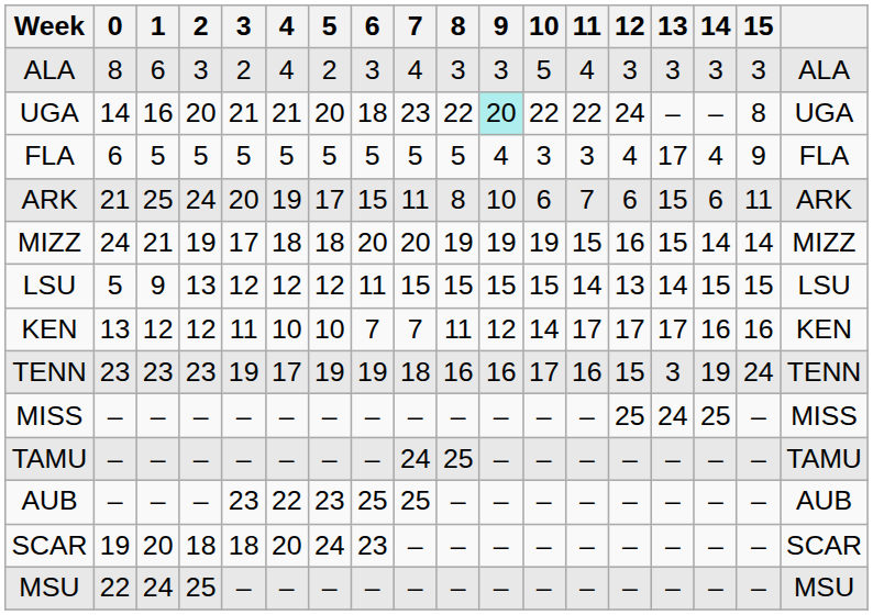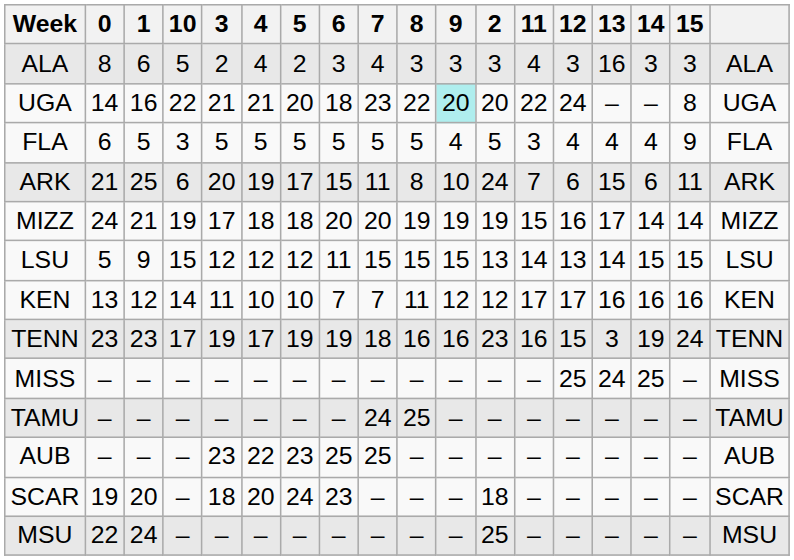 <table class="wikitable sortable" style="text-align:center">
 <tr>
 <th>Week</th>
 <th>0</th>
 <th>1</th>
-<th>2</th>
+<th>10</th>
 <th>3</th>
 <th>4</th>
 <th>5</th>
 <th>6</th>
 <th>7</th>
 <th>8</th>
 <th>9</th>
-<th>10</th>
+<th>2</th>
 <th>11</th>
 <th>12</th>
 <th>13</th>
 <th>14</th>
 <th>15</th>
 <th class=unsortable></th>
 </tr>
 <tr style="background-color:#E8E8E8">
 <td>ALA</td>
 <td>8</td>
 <td>6</td>
-<td>3</td>
+<td>5</td>
 <td>2</td>
 <td>4</td>
 <td>2</td>
 <td>3</td>
 <td>4</td>
 <td>3</td>
 <td>3</td>
-<td>5</td>
+<td>3</td>
 <td>4</td>
 <td>3</td>
-<td>3</td>
+<td>16</td>
 <td>3</td>
 <td>3</td>
 <td>ALA</td>
 </tr>
 <tr>
 <td data-sort-value=G>UGA</td>
 <td>14</td>
 <td>16</td>
-<td>20</td>
+<td>22</td>
 <td>21</td>
 <td>21</td>
 <td>20</td>
 <td>18</td>
 <td>23</td>
 <td>22</td>
 <td style="background: paleturquoise;">20</td>
-<td>22</td>
+<td>20</td>
 <td>22</td>
 <td>24</td>
 <td data-sort-value=26>–</td>
 <td data-sort-value=26>–</td>
 <td>8</td>
 <td>UGA</td>
 </tr>
 <tr>
 <td>FLA</td>
 <td>6</td>
 <td>5</td>
-<td>5</td>
+<td>3</td>
 <td>5</td>
 <td>5</td>
 <td>5</td>
 <td>5</td>
 <td>5</td>
 <td>5</td>
 <td>4</td>
-<td>3</td>
+<td>5</td>
 <td>3</td>
 <td>4</td>
-<td>17</td>
+<td>4</td>
 <td>4</td>
 <td>9</td>
 <td>FLA</td>
 </tr>
 <tr style="background-color:#E8E8E8">
 <td>ARK</td>
 <td>21</td>
 <td>25</td>
-<td>24</td>
+<td>6</td>
 <td>20</td>
 <td>19</td>
 <td>17</td>
 <td>15</td>
 <td>11</td>
 <td>8</td>
 <td>10</td>
-<td>6</td>
+<td>24</td>
 <td>7</td>
 <td>6</td>
 <td>15</td>
 <td>6</td>
 <td>11</td>
 <td>ARK</td>
 </tr>
 <tr>
 <td data-sort-value=MO>MIZZ</td>
 <td>24</td>
 <td>21</td>
 <td>19</td>
 <td>17</td>
 <td>18</td>
 <td>18</td>
 <td>20</td>
 <td>20</td>
 <td>19</td>
 <td>19</td>
 <td>19</td>
 <td>15</td>
 <td>16</td>
-<td>15</td>
+<td>17</td>
 <td>14</td>
 <td>14</td>
 <td>MIZZ</td>
 </tr>
 <tr>
 <td>LSU</td>
 <td>5</td>
 <td>9</td>
-<td>13</td>
+<td>15</td>
 <td>12</td>
 <td>12</td>
 <td>12</td>
 <td>11</td>
 <td>15</td>
 <td>15</td>
 <td>15</td>
-<td>15</td>
+<td>13</td>
 <td>14</td>
 <td>13</td>
 <td>14</td>
 <td>15</td>
 <td>15</td>
 <td>LSU</td>
 </tr>
 <tr>
 <td>KEN</td>
 <td>13</td>
 <td>12</td>
-<td>12</td>
+<td>14</td>
 <td>11</td>
 <td>10</td>
 <td>10</td>
 <td>7</td>
 <td>7</td>
 <td>11</td>
 <td>12</td>
-<td>14</td>
+<td>12</td>
 <td>17</td>
 <td>17</td>
-<td>17</td>
+<td>16</td>
 <td>16</td>
 <td>16</td>
 <td>KEN</td>
 </tr>
 <tr style="background-color:#E8E8E8">
 <td>TENN</td>
 <td>23</td>
 <td>23</td>
-<td>23</td>
+<td>17</td>
 <td>19</td>
 <td>17</td>
 <td>19</td>
 <td>19</td>
 <td>18</td>
 <td>16</td>
 <td>16</td>
-<td>17</td>
+<td>23</td>
 <td>16</td>
 <td>15</td>
 <td>3</td>
 <td>19</td>
 <td>24</td>
 <td>TENN</td>
 </tr>
 <tr>
 <td data-sort-value=O>MISS</td>
 <td data-sort-value=27>–</td>
 <td data-sort-value=27>–</td>
 <td data-sort-value=27>–</td>
 <td data-sort-value=27>–</td>
 <td data-sort-value=27>–</td>
 <td data-sort-value=27>–</td>
 <td data-sort-value=27>–</td>
 <td data-sort-value=27>–</td>
 <td data-sort-value=27>–</td>
 <td data-sort-value=27>–</td>
 <td data-sort-value=27>–</td>
 <td data-sort-value=27>–</td>
 <td>25</td>
 <td>24</td>
 <td>25</td>
 <td data-sort-value=27>–</td>
 <td>MISS</td>
 </tr>
 <tr style="background-color:#E8E8E8">
 <td data-sort-value=TEX>TAMU</td>
 <td data-sort-value=28>–</td>
 <td data-sort-value=28>–</td>
 <td data-sort-value=28>–</td>
 <td data-sort-value=28>–</td>
 <td data-sort-value=28>–</td>
 <td data-sort-value=28>–</td>
 <td data-sort-value=28>–</td>
 <td>24</td>
 <td>25</td>
 <td data-sort-value=28>–</td>
 <td data-sort-value=28>–</td>
 <td data-sort-value=28>–</td>
 <td data-sort-value=28>–</td>
 <td data-sort-value=28>–</td>
 <td data-sort-value=28>–</td>
 <td data-sort-value=28>–</td>
 <td>TAMU</td>
 </tr>
 <tr>
 <td>AUB</td>
 <td data-sort-value=29>–</td>
 <td data-sort-value=29>–</td>
 <td data-sort-value=29>–</td>
 <td>23</td>
 <td>22</td>
 <td>23</td>
 <td>25</td>
 <td>25</td>
 <td data-sort-value=29>–</td>
 <td data-sort-value=29>–</td>
 <td data-sort-value=29>–</td>
 <td data-sort-value=29>–</td>
 <td data-sort-value=29>–</td>
 <td data-sort-value=29>–</td>
 <td data-sort-value=29>–</td>
 <td data-sort-value=29>–</td>
 <td>AUB</td>
 </tr>
 <tr>
 <td>SCAR</td>
 <td>19</td>
 <td>20</td>
-<td>18</td>
+<td data-sort-value=30>–</td>
 <td>18</td>
 <td>20</td>
 <td>24</td>
 <td>23</td>
 <td data-sort-value=30>–</td>
 <td data-sort-value=30>–</td>
 <td data-sort-value=30>–</td>
-<td data-sort-value=30>–</td>
+<td>18</td>
 <td data-sort-value=30>–</td>
 <td data-sort-value=30>–</td>
 <td data-sort-value=30>–</td>
 <td data-sort-value=30>–</td>
 <td data-sort-value=30>–</td>
 <td>SCAR</td>
 </tr>
 <tr style="background-color:#E8E8E8">
 <td>MSU</td>
 <td>22</td>
 <td>24</td>
-<td>25</td>
 <td data-sort-value=31>–</td>
 <td data-sort-value=31>–</td>
 <td data-sort-value=31>–</td>
 <td data-sort-value=31>–</td>
 <td data-sort-value=31>–</td>
 <td data-sort-value=31>–</td>
 <td data-sort-value=31>–</td>
 <td data-sort-value=31>–</td>
+<td>25</td>
 <td data-sort-value=31>–</td>
 <td data-sort-value=31>–</td>
 <td data-sort-value=31>–</td>
 <td data-sort-value=31>–</td>
 <td data-sort-value=31>–</td>
 <td>MSU</td>
 </tr>
 </table>
